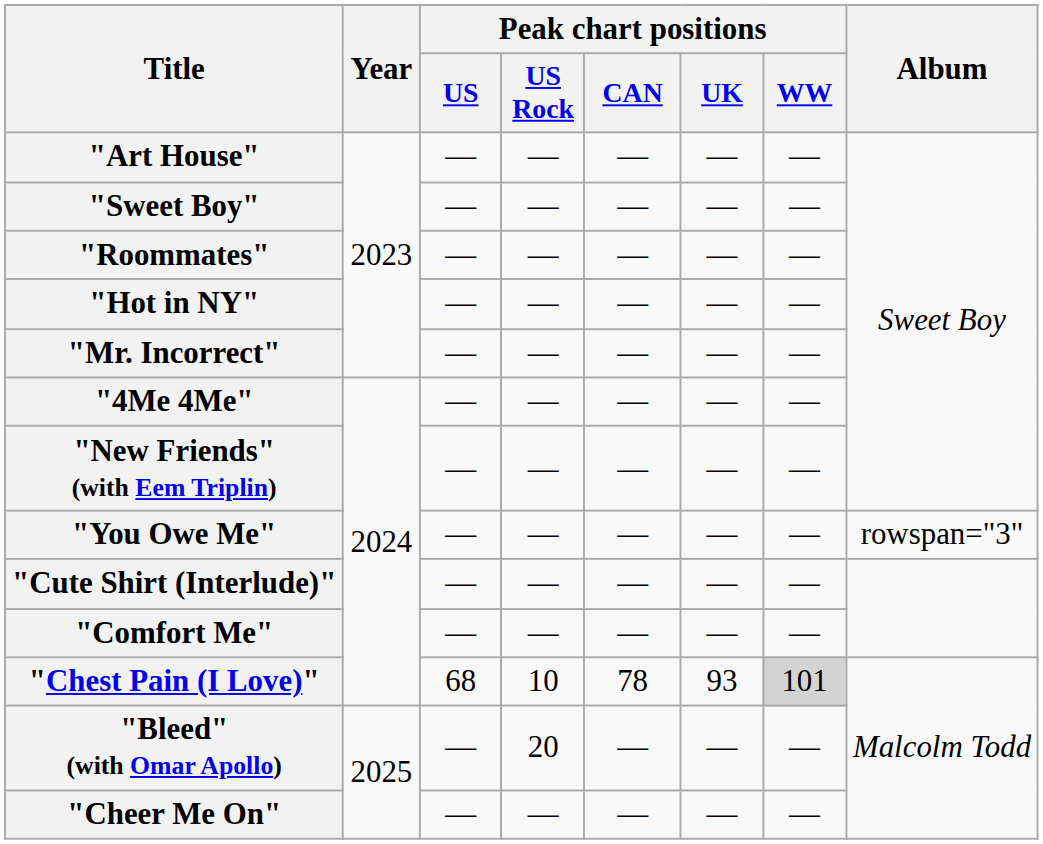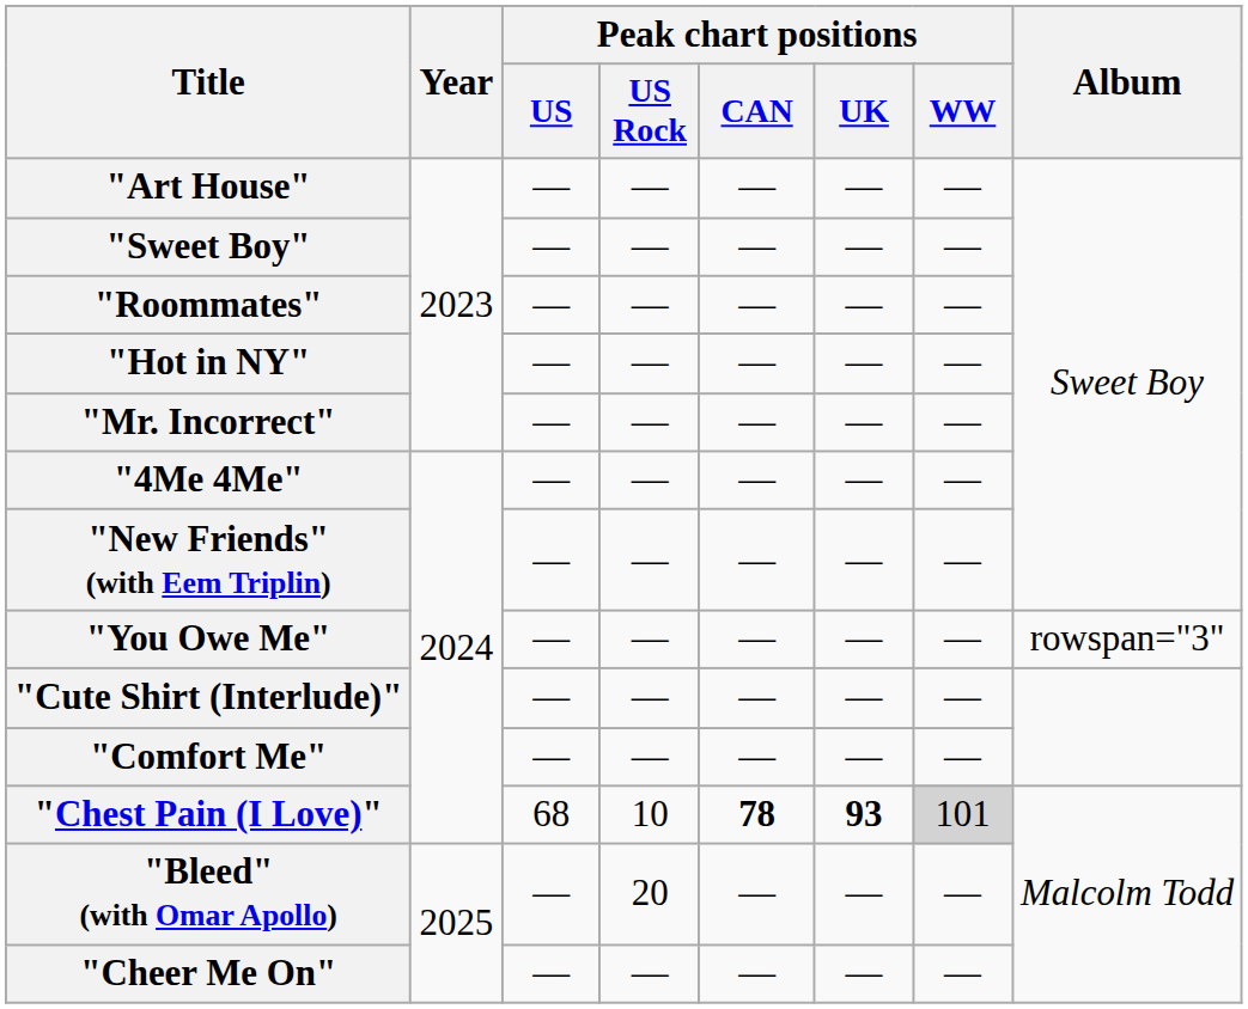 <table class="wikitable plainrowheaders" style="text-align:center;">
 <tr>
 <th scope="col" rowspan="2">Title</th>
 <th scope="col" rowspan="2">Year</th>
 <th scope="col" colspan="5">Peak chart positions</th>
 <th scope="col" rowspan="2">Album</th>
 </tr>
 <tr>
 <th scope="col" style="width:2.5em;font-size:90%;"><a href='#'>US</a><br></th>
 <th scope="col" style="width:2.5em;font-size:90%;"><a href='#'>US<br>Rock</a><br></th>
 <th scope="col" style="width:3em;font-size:90%;"><a href='#'>CAN</a><br></th>
 <th scope="col" style="width:2.5em;font-size:90%;"><a href='#'>UK</a><br></th>
 <th scope="col" style="width:2.5em;font-size:90%;"><a href='#'>WW</a><br></th>
 </tr>
 <tr>
 <th scope="row">"Art House"</th>
 <td rowspan="5">2023</td>
 <td>—</td>
 <td>—</td>
 <td>—</td>
 <td>—</td>
 <td>—</td>
 <td rowspan="7"><em>Sweet Boy</em></td>
 </tr>
 <tr>
 <th scope="row">"Sweet Boy"</th>
 <td>—</td>
 <td>—</td>
 <td>—</td>
 <td>—</td>
 <td>—</td>
 </tr>
 <tr>
 <th scope="row">"Roommates"</th>
 <td>—</td>
 <td>—</td>
 <td>—</td>
 <td>—</td>
 <td>—</td>
 </tr>
 <tr>
 <th scope="row">"Hot in NY"</th>
 <td>—</td>
 <td>—</td>
 <td>—</td>
 <td>—</td>
 <td>—</td>
 </tr>
 <tr>
 <th scope="row">"Mr. Incorrect"</th>
 <td>—</td>
 <td>—</td>
 <td>—</td>
 <td>—</td>
 <td>—</td>
 </tr>
 <tr>
 <th scope="row">"4Me 4Me"</th>
 <td rowspan="6">2024</td>
 <td>—</td>
 <td>—</td>
 <td>—</td>
 <td>—</td>
 <td>—</td>
 </tr>
 <tr>
 <th scope="row">"New Friends" <br><small>(with <a href='#'>Eem Triplin</a>)</small></th>
 <td>—</td>
 <td>—</td>
 <td>—</td>
 <td>—</td>
 <td>—</td>
 </tr>
 <tr>
 <th scope="row">"You Owe Me"</th>
 <td>—</td>
 <td>—</td>
 <td>—</td>
 <td>—</td>
 <td>—</td>
 <td>rowspan="3" </td>
 </tr>
 <tr>
 <th scope="row">"Cute Shirt (Interlude)"</th>
 <td>—</td>
 <td>—</td>
 <td>—</td>
 <td>—</td>
 <td>—</td>
 </tr>
 <tr>
 <th scope="row">"Comfort Me"</th>
 <td>—</td>
 <td>—</td>
 <td>—</td>
 <td>—</td>
 <td>—</td>
 </tr>
 <tr>
 <th scope="row">"<a href='#'>Chest Pain (I Love)</a>"</th>
 <td>68</td>
 <td>10</td>
-<td>78</td>
-<td>93</td>
+<td><strong>78</strong></td>
+<td><strong>93</strong></td>
 <td style="background: lightgrey;">101</td>
 <td rowspan="3"><em>Malcolm Todd</em></td>
 </tr>
 <tr>
 <th scope="row">"Bleed" <br><small>(with <a href='#'>Omar Apollo</a>)</small></th>
 <td rowspan="2">2025</td>
 <td>—</td>
 <td>20</td>
 <td>—</td>
 <td>—</td>
 <td>—</td>
 </tr>
 <tr>
 <th scope="row">"Cheer Me On"</th>
 <td>—</td>
 <td>—</td>
 <td>—</td>
 <td>—</td>
 <td>—</td>
 </tr>
 </table>
